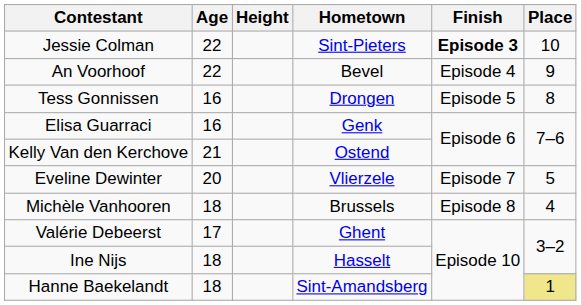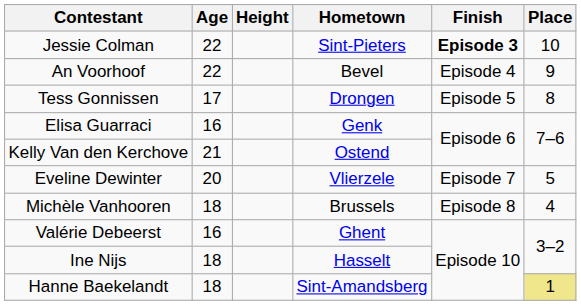 <table class="wikitable sortable" style="text-align:center;">
 <tr>
 <th>Contestant</th>
 <th>Age</th>
 <th>Height</th>
 <th>Hometown</th>
 <th>Finish</th>
 <th>Place</th>
 </tr>
 <tr>
 <td>Jessie Colman</td>
 <td>22</td>
 <td></td>
 <td><a href='#'>Sint-Pieters</a></td>
 <td><strong>Episode 3</strong></td>
 <td>10</td>
 </tr>
 <tr>
 <td>An Voorhoof</td>
 <td>22</td>
 <td></td>
 <td>Bevel</td>
 <td>Episode 4</td>
 <td>9</td>
 </tr>
 <tr>
 <td>Tess Gonnissen</td>
-<td>16</td>
+<td>17</td>
 <td></td>
 <td><a href='#'>Drongen</a></td>
 <td>Episode 5</td>
 <td>8</td>
 </tr>
 <tr>
 <td>Elisa Guarraci</td>
 <td>16</td>
 <td></td>
 <td><a href='#'>Genk</a></td>
 <td rowspan="2">Episode 6</td>
 <td rowspan="2">7–6</td>
 </tr>
 <tr>
 <td>Kelly Van den Kerchove</td>
 <td>21</td>
 <td></td>
 <td><a href='#'>Ostend</a></td>
 </tr>
 <tr>
 <td>Eveline Dewinter</td>
 <td>20</td>
 <td></td>
 <td><a href='#'>Vlierzele</a></td>
 <td>Episode 7</td>
 <td>5</td>
 </tr>
 <tr>
 <td>Michèle Vanhooren</td>
 <td>18</td>
 <td></td>
 <td>Brussels</td>
 <td>Episode 8</td>
 <td>4</td>
 </tr>
 <tr>
 <td>Valérie Debeerst</td>
-<td>17</td>
+<td>16</td>
 <td></td>
 <td><a href='#'>Ghent</a></td>
 <td rowspan="3">Episode 10</td>
 <td rowspan="2">3–2</td>
 </tr>
 <tr>
 <td>Ine Nijs</td>
 <td>18</td>
 <td></td>
 <td><a href='#'>Hasselt</a></td>
 </tr>
 <tr>
 <td>Hanne Baekelandt</td>
 <td>18</td>
 <td></td>
 <td><a href='#'>Sint-Amandsberg</a></td>
 <td style="background: khaki;">1</td>
 </tr>
 </table>
